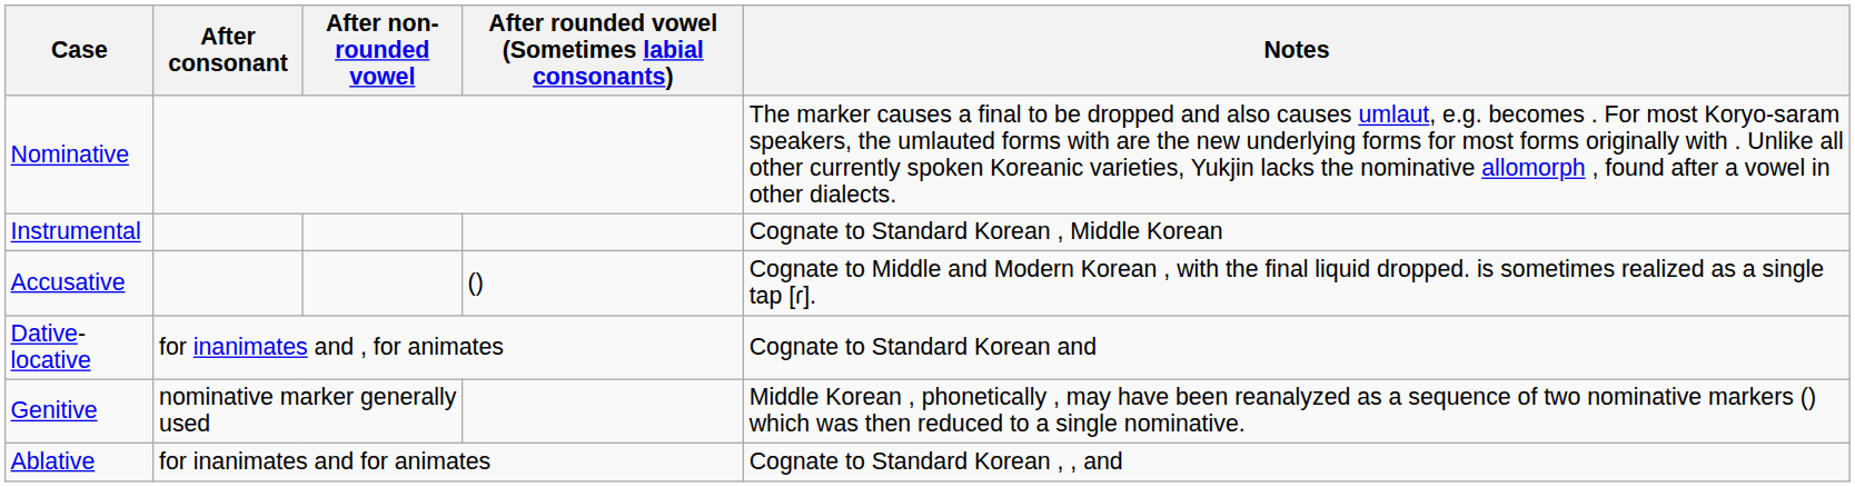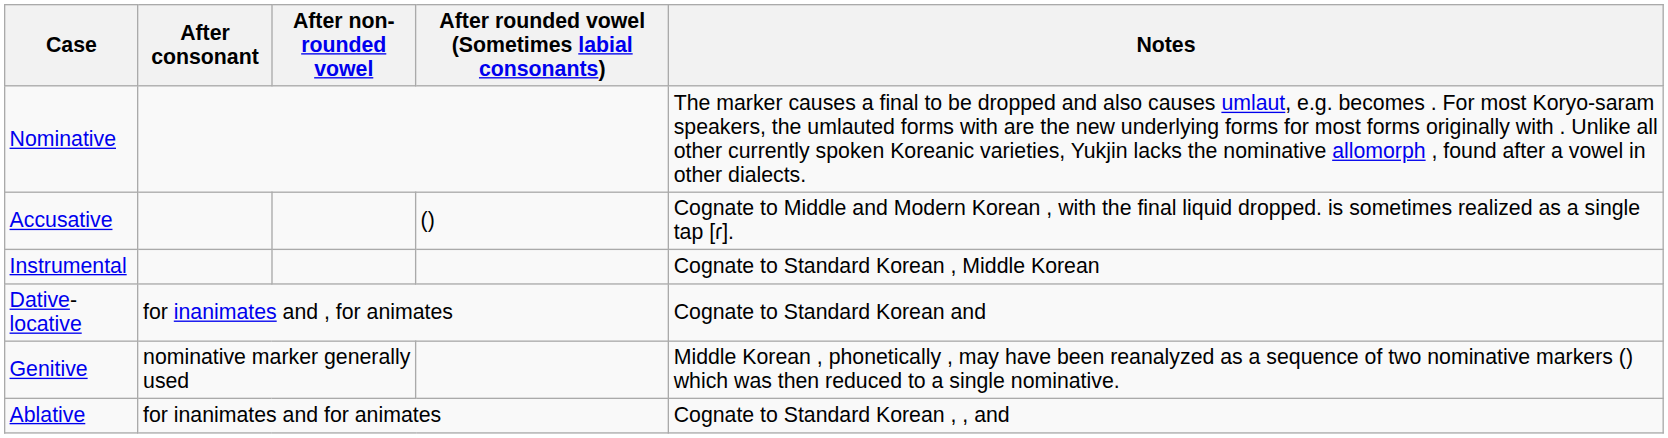 <table class="wikitable">
 <tr>
 <th>Case</th>
 <th>After consonant</th>
 <th>After non-<a href='#'>rounded vowel</a></th>
 <th>After rounded vowel (Sometimes <a href='#'>labial consonants</a>)</th>
 <th>Notes</th>
 </tr>
 <tr>
 <td><a href='#'>Nominative</a></td>
 <td colspan="3"></td>
 <td>The marker causes a final  to be dropped and also causes <a href='#'>umlaut</a>, e.g.  becomes . For most Koryo-saram speakers, the umlauted forms with  are the new underlying forms for most forms originally with . Unlike all other currently spoken Koreanic varieties, Yukjin lacks the nominative <a href='#'>allomorph</a> , found after a vowel in other dialects.</td>
 </tr>
 <tr>
+<td><a href='#'>Accusative</a></td>
+<td></td>
+<td></td>
+<td> ()</td>
+<td>Cognate to Middle and Modern Korean , with the final liquid dropped.  is sometimes realized as a single tap [ɾ].</td>
+</tr>
+<tr>
 <td><a href='#'>Instrumental</a></td>
 <td></td>
 <td></td>
 <td></td>
 <td>Cognate to Standard Korean , Middle Korean </td>
-</tr>
-<tr>
-<td><a href='#'>Accusative</a></td>
-<td></td>
-<td></td>
-<td> ()</td>
-<td>Cognate to Middle and Modern Korean , with the final liquid dropped.  is sometimes realized as a single tap [ɾ].</td>
 </tr>
 <tr>
 <td><a href='#'>Dative</a>-<a href='#'>locative</a></td>
 <td colspan="3"> for <a href='#'>inanimates</a> and ,  for animates</td>
 <td>Cognate to Standard Korean  and </td>
 </tr>
 <tr>
 <td><a href='#'>Genitive</a></td>
 <td colspan="2'">nominative marker generally used</td>
 <td></td>
 <td>Middle Korean , phonetically , may have been reanalyzed as a sequence of two nominative markers () which was then reduced to a single nominative.</td>
 </tr>
 <tr>
 <td><a href='#'>Ablative</a></td>
 <td colspan="3"> for inanimates and  for animates</td>
 <td>Cognate to Standard Korean , , and </td>
 </tr>
 </table>
